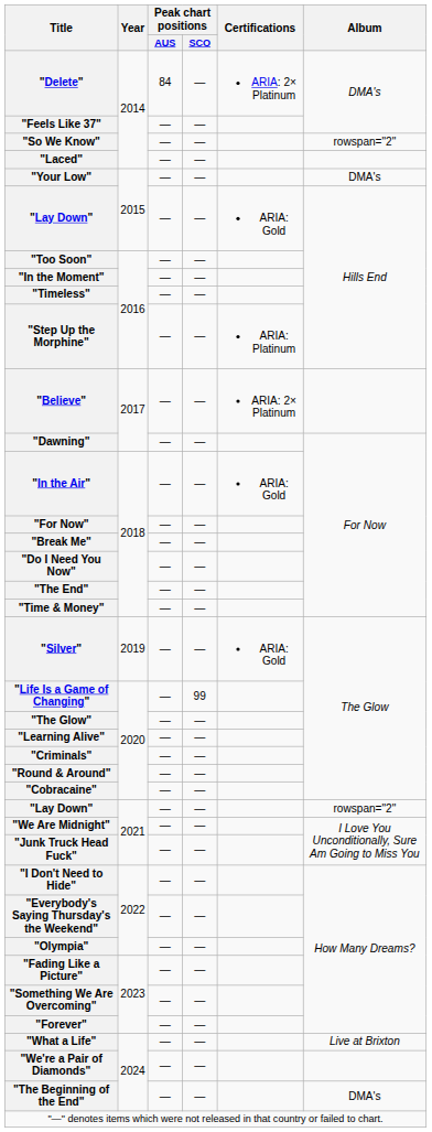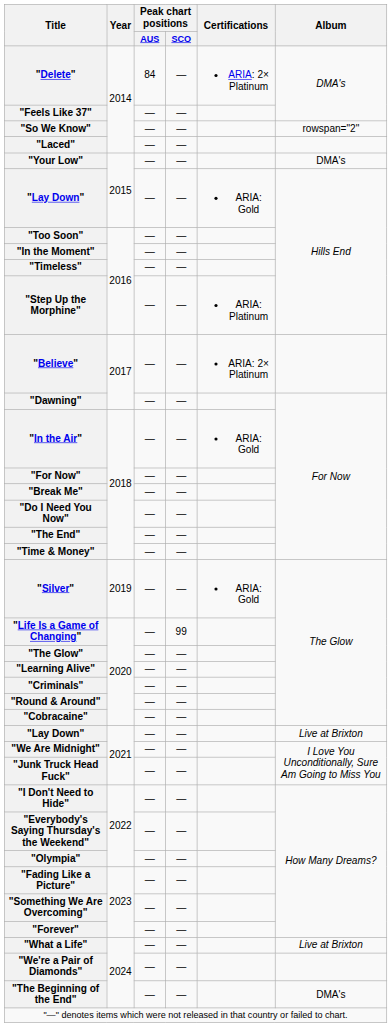 <table class="wikitable plainrowheaders" style="text-align:center;">
 <tr>
 <th scope="col" rowspan="2">Title</th>
 <th scope="col" rowspan="2">Year</th>
 <th scope="col" colspan="2">Peak chart positions</th>
 <th scope="col" rowspan="2">Certifications</th>
 <th scope="col" rowspan="2">Album</th>
 </tr>
 <tr>
 <th scope="col" style="width:3em;font-size:90%;"><a href='#'>AUS</a><br></th>
 <th scope="col" style="width:3em;font-size:90%;"><a href='#'>SCO</a><br></th>
 </tr>
 <tr>
 <th scope="row">"<a href='#'>Delete</a>"</th>
 <td rowspan="4">2014</td>
 <td>84</td>
 <td>—</td>
 <td><br><ul><li><a href='#'>ARIA</a>: 2× Platinum</li></ul></td>
 <td rowspan="2"><em>DMA's</em></td>
 </tr>
 <tr>
 <th scope="row">"Feels Like 37"</th>
 <td>—</td>
 <td>—</td>
 <td></td>
 </tr>
 <tr>
 <th scope="row">"So We Know"</th>
 <td>—</td>
 <td>—</td>
 <td></td>
 <td>rowspan="2" </td>
 </tr>
 <tr>
 <th scope="row">"Laced"</th>
 <td>—</td>
 <td>—</td>
 <td></td>
 </tr>
 <tr>
 <th scope="row">"Your Low"</th>
 <td rowspan="2">2015</td>
 <td>—</td>
 <td>—</td>
 <td></td>
 <td>DMA's</td>
 </tr>
 <tr>
 <th scope="row">"<a href='#'>Lay Down</a>"</th>
 <td>—</td>
 <td>—</td>
 <td><br><ul><li>ARIA: Gold</li></ul></td>
 <td rowspan="5"><em>Hills End</em></td>
 </tr>
 <tr>
 <th scope="row">"Too Soon"</th>
 <td rowspan="4">2016</td>
 <td>—</td>
 <td>—</td>
 <td></td>
 </tr>
 <tr>
 <th scope="row">"In the Moment"</th>
 <td>—</td>
 <td>—</td>
 <td></td>
 </tr>
 <tr>
 <th scope="row">"Timeless"</th>
 <td>—</td>
 <td>—</td>
 <td></td>
 </tr>
 <tr>
 <th scope="row">"Step Up the Morphine"</th>
 <td>—</td>
 <td>—</td>
 <td><br><ul><li>ARIA: Platinum</li></ul></td>
 </tr>
 <tr>
 <th scope="row">"<a href='#'>Believe</a>"<br></th>
 <td rowspan="2">2017</td>
 <td>—</td>
 <td>—</td>
 <td><br><ul><li>ARIA: 2× Platinum</li></ul></td>
 <td></td>
 </tr>
 <tr>
 <th scope="row">"Dawning"</th>
 <td>—</td>
 <td>—</td>
 <td></td>
 <td rowspan="7"><em>For Now</em></td>
 </tr>
 <tr>
 <th scope="row">"<a href='#'>In the Air</a>"</th>
 <td rowspan="6">2018</td>
 <td>—</td>
 <td>—</td>
 <td><br><ul><li>ARIA: Gold</li></ul></td>
 </tr>
 <tr>
 <th scope="row">"For Now"</th>
 <td>—</td>
 <td>—</td>
 <td></td>
 </tr>
 <tr>
 <th scope="row">"Break Me"</th>
 <td>—</td>
 <td>—</td>
 <td></td>
 </tr>
 <tr>
 <th scope="row">"Do I Need You Now"</th>
 <td>—</td>
 <td>—</td>
 <td></td>
 </tr>
 <tr>
 <th scope="row">"The End"<br></th>
 <td>—</td>
 <td>—</td>
 <td></td>
 </tr>
 <tr>
 <th scope="row">"Time & Money"</th>
 <td>—</td>
 <td>—</td>
 <td></td>
 </tr>
 <tr>
 <th scope="row">"<a href='#'>Silver</a>"</th>
 <td>2019</td>
 <td>—</td>
 <td>—</td>
 <td><br><ul><li>ARIA: Gold</li></ul></td>
 <td rowspan="7"><em>The Glow</em></td>
 </tr>
 <tr>
 <th scope="row">"<a href='#'>Life Is a Game of Changing</a>"<br></th>
 <td rowspan="6">2020</td>
 <td>—</td>
 <td>99</td>
 <td></td>
 </tr>
 <tr>
 <th scope="row">"The Glow"</th>
 <td>—</td>
 <td>—</td>
 <td></td>
 </tr>
 <tr>
 <th scope="row">"Learning Alive"</th>
 <td>—</td>
 <td>—</td>
 <td></td>
 </tr>
 <tr>
 <th scope="row">"Criminals"<br></th>
 <td>—</td>
 <td>—</td>
 <td></td>
 </tr>
 <tr>
 <th scope="row">"Round & Around"</th>
 <td>—</td>
 <td>—</td>
 <td></td>
 </tr>
 <tr>
 <th scope="row">"Cobracaine"<br></th>
 <td>—</td>
 <td>—</td>
 <td></td>
 </tr>
 <tr>
 <th scope="row">"Lay Down"<br></th>
 <td rowspan="3">2021</td>
 <td>—</td>
 <td>—</td>
 <td></td>
-<td>rowspan="2" </td>
+<td><em>Live at Brixton</em></td>
 </tr>
 <tr>
 <th scope="row">"We Are Midnight"</th>
 <td>—</td>
 <td>—</td>
 <td></td>
 <td rowspan="2"><em>I Love You Unconditionally, Sure Am Going to Miss You</em></td>
 </tr>
 <tr>
 <th scope="row">"Junk Truck Head Fuck"<br></th>
 <td>—</td>
 <td>—</td>
 <td></td>
 </tr>
 <tr>
 <th scope="row">"I Don't Need to Hide"</th>
 <td rowspan="3">2022</td>
 <td>—</td>
 <td>—</td>
 <td></td>
 <td rowspan="6"><em>How Many Dreams?</em></td>
 </tr>
 <tr>
 <th scope="row">"Everybody's Saying Thursday's the Weekend"</th>
 <td>—</td>
 <td>—</td>
 <td></td>
 </tr>
 <tr>
 <th scope="row">"Olympia"</th>
 <td>—</td>
 <td>—</td>
 <td></td>
 </tr>
 <tr>
 <th scope="row">"Fading Like a Picture"</th>
 <td rowspan="3">2023</td>
 <td>—</td>
 <td>—</td>
 <td></td>
 </tr>
 <tr>
 <th scope="row">"Something We Are Overcoming"</th>
 <td>—</td>
 <td>—</td>
 <td></td>
 </tr>
 <tr>
 <th scope="row">"Forever"</th>
 <td>—</td>
 <td>—</td>
 <td></td>
 </tr>
 <tr>
 <th scope="row">"What a Life"<br></th>
 <td rowspan="3">2024</td>
 <td>—</td>
 <td>—</td>
 <td></td>
 <td><em>Live at Brixton</em></td>
 </tr>
 <tr>
 <th scope="row">"We're a Pair of Diamonds"<br></th>
 <td>—</td>
 <td>—</td>
 <td></td>
 </tr>
 <tr>
 <th scope="row">"The Beginning of the End"<br></th>
 <td>—</td>
 <td>—</td>
 <td></td>
 <td>DMA's</td>
 </tr>
 <tr>
 <td colspan="13" style="font-size:90%;">"—" denotes items which were not released in that country or failed to chart.</td>
 </tr>
 </table>
